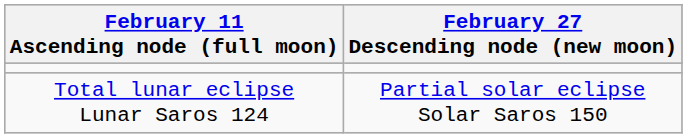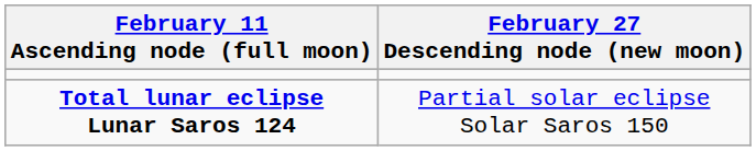 <table class="wikitable">
 <tr>
 <th><a href='#'>February 11</a><br>Ascending node (full moon)<br></th>
 <th><a href='#'>February 27</a><br>Descending node (new moon)<br></th>
 </tr>
 <tr>
 <td></td>
 <td></td>
 </tr>
 <tr align=center>
-<td><a href='#'>Total lunar eclipse</a><br>Lunar Saros 124</td>
+<td><strong><a href='#'>Total lunar eclipse</a><br>Lunar Saros 124</strong></td>
 <td><a href='#'>Partial solar eclipse</a><br>Solar Saros 150</td>
 </tr>
 </table>
